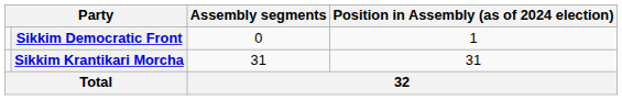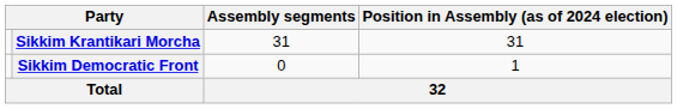 <table class="wikitable" style="text-align:center">
 <tr>
 <th colspan=2>Party</th>
 <th>Assembly segments</th>
 <th>Position in Assembly (as of 2024 election)</th>
 </tr>
 <tr>
 <td></td>
+<th><a href='#'>Sikkim Krantikari Morcha</a></th>
+<td>31</td>
+<td>31</td>
+</tr>
+<tr>
+<td></td>
 <th><a href='#'>Sikkim Democratic Front</a></th>
 <td>0</td>
 <td>1</td>
-</tr>
-<tr>
-<td></td>
-<th><a href='#'>Sikkim Krantikari Morcha</a></th>
-<td>31</td>
-<td>31</td>
 </tr>
 <tr>
 <th colspan=2>Total</th>
 <th colspan=2>32</th>
 </tr>
 </table>
